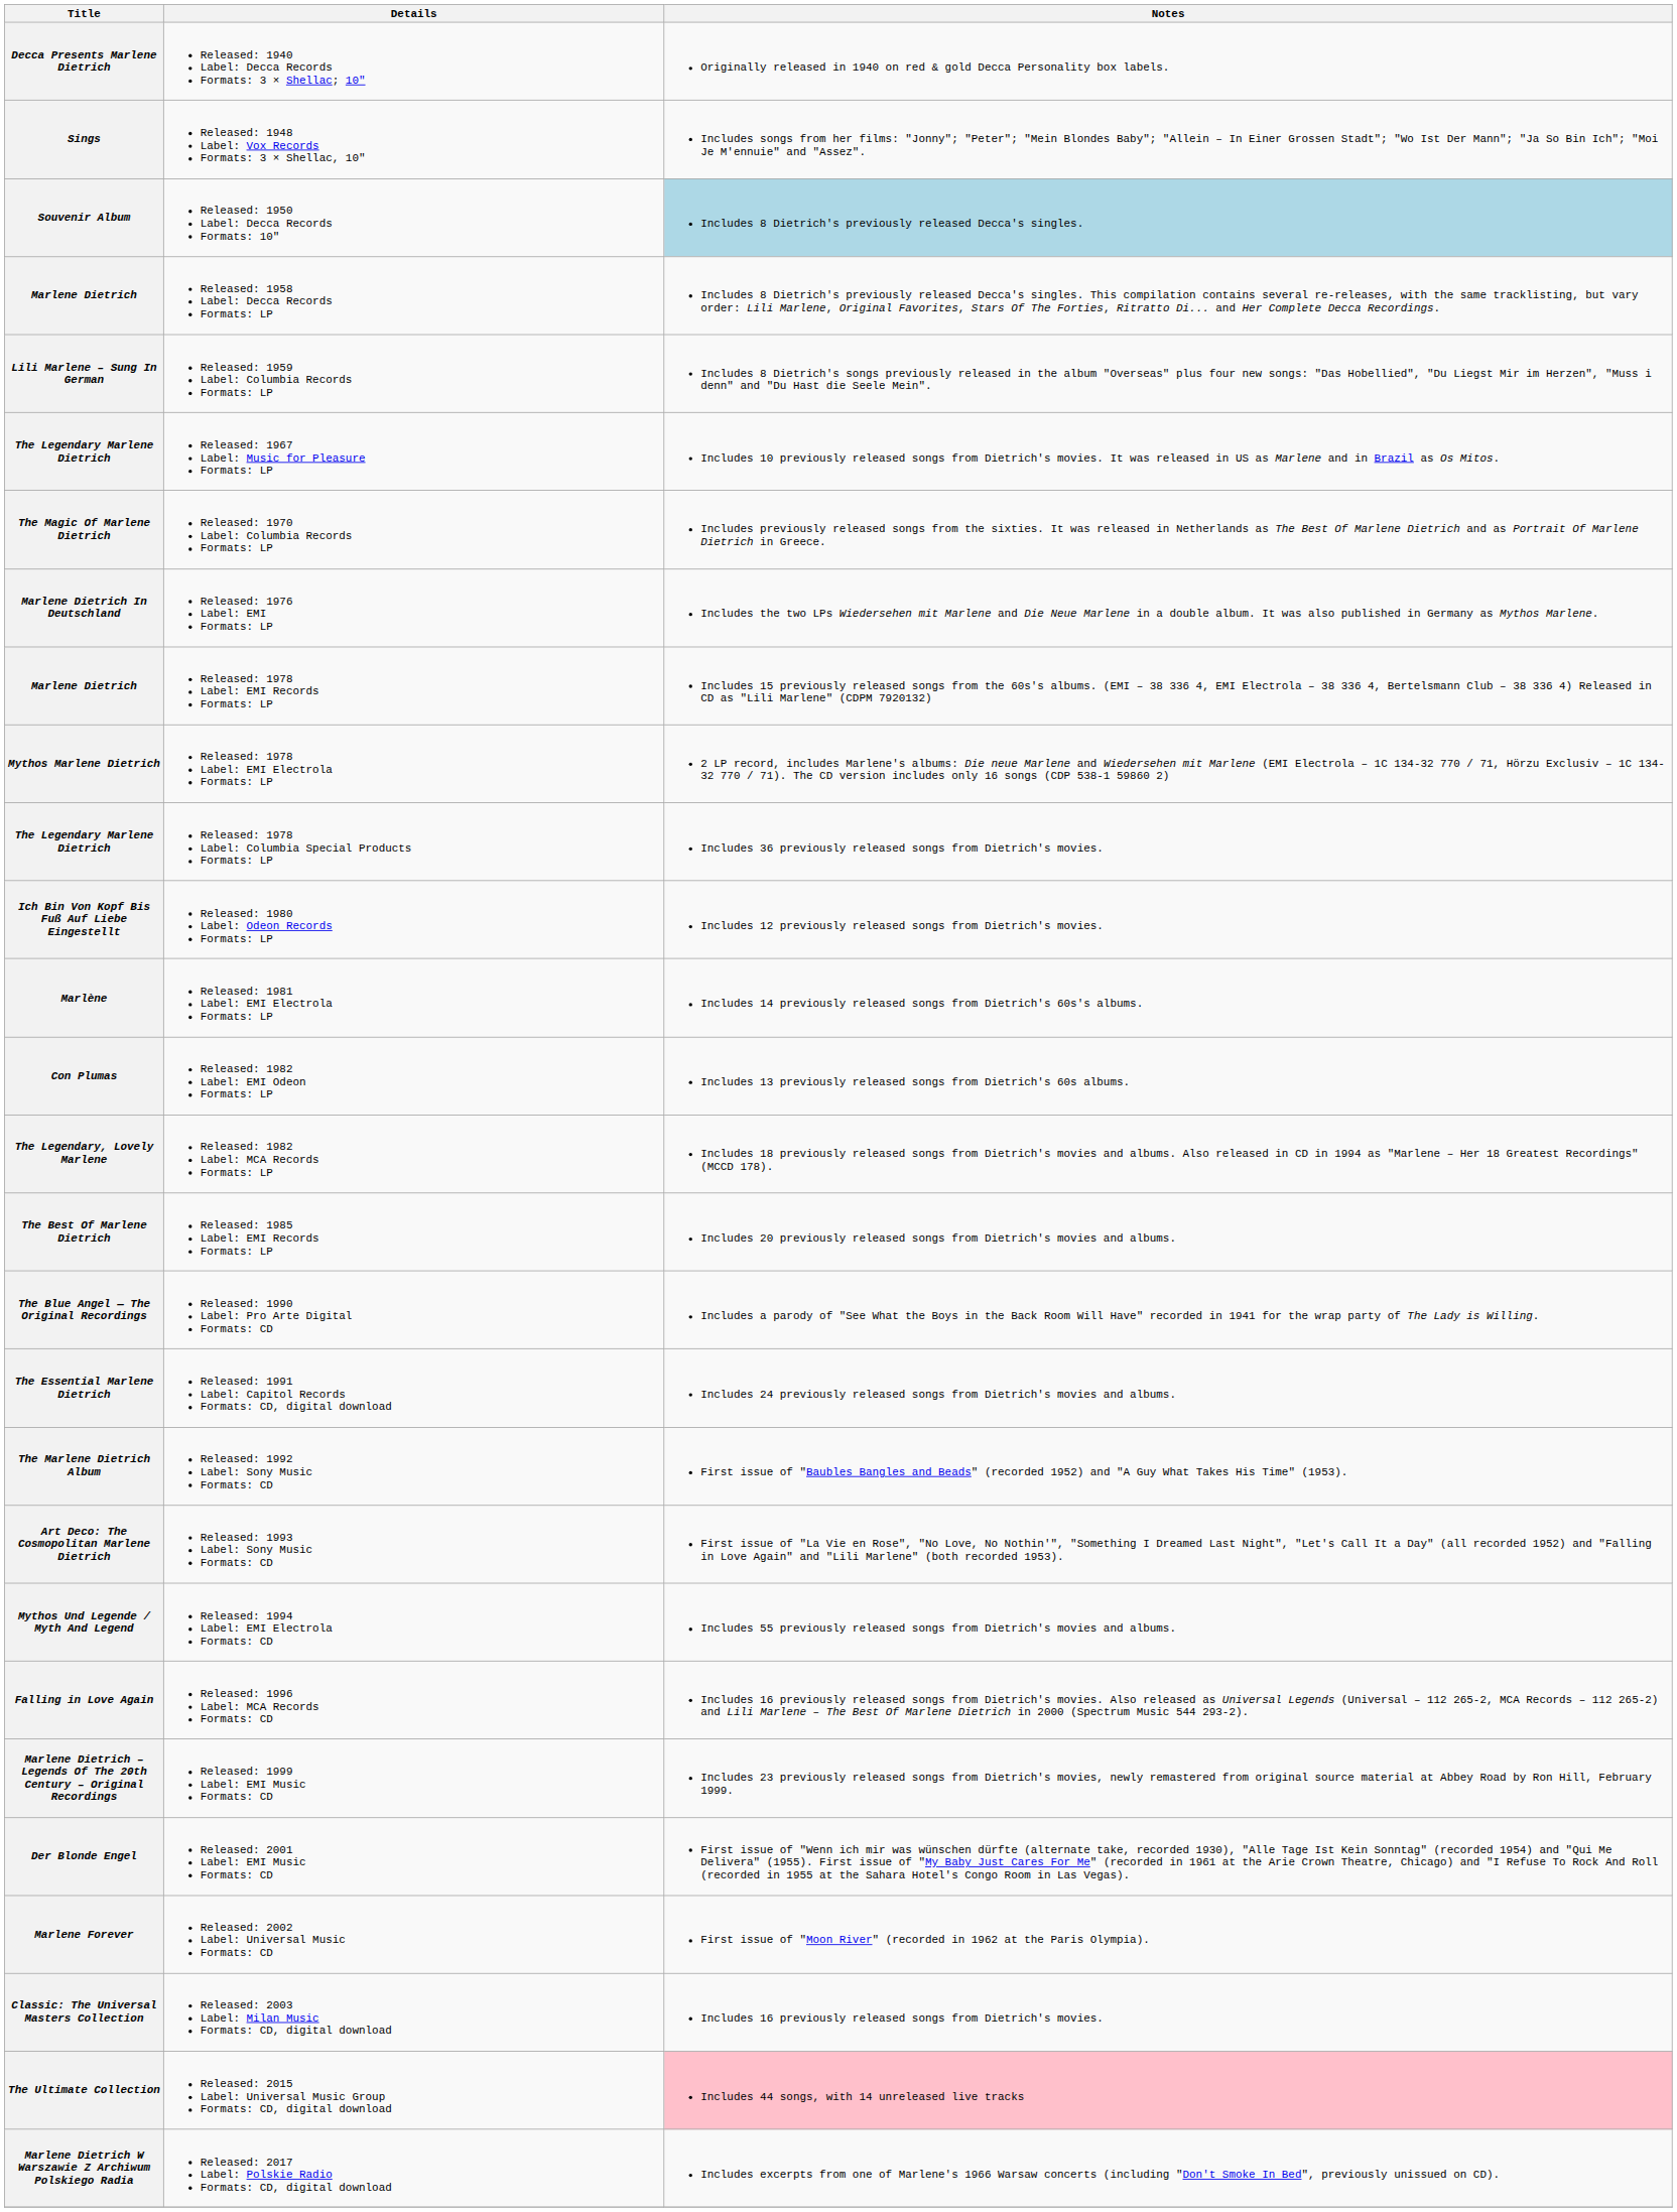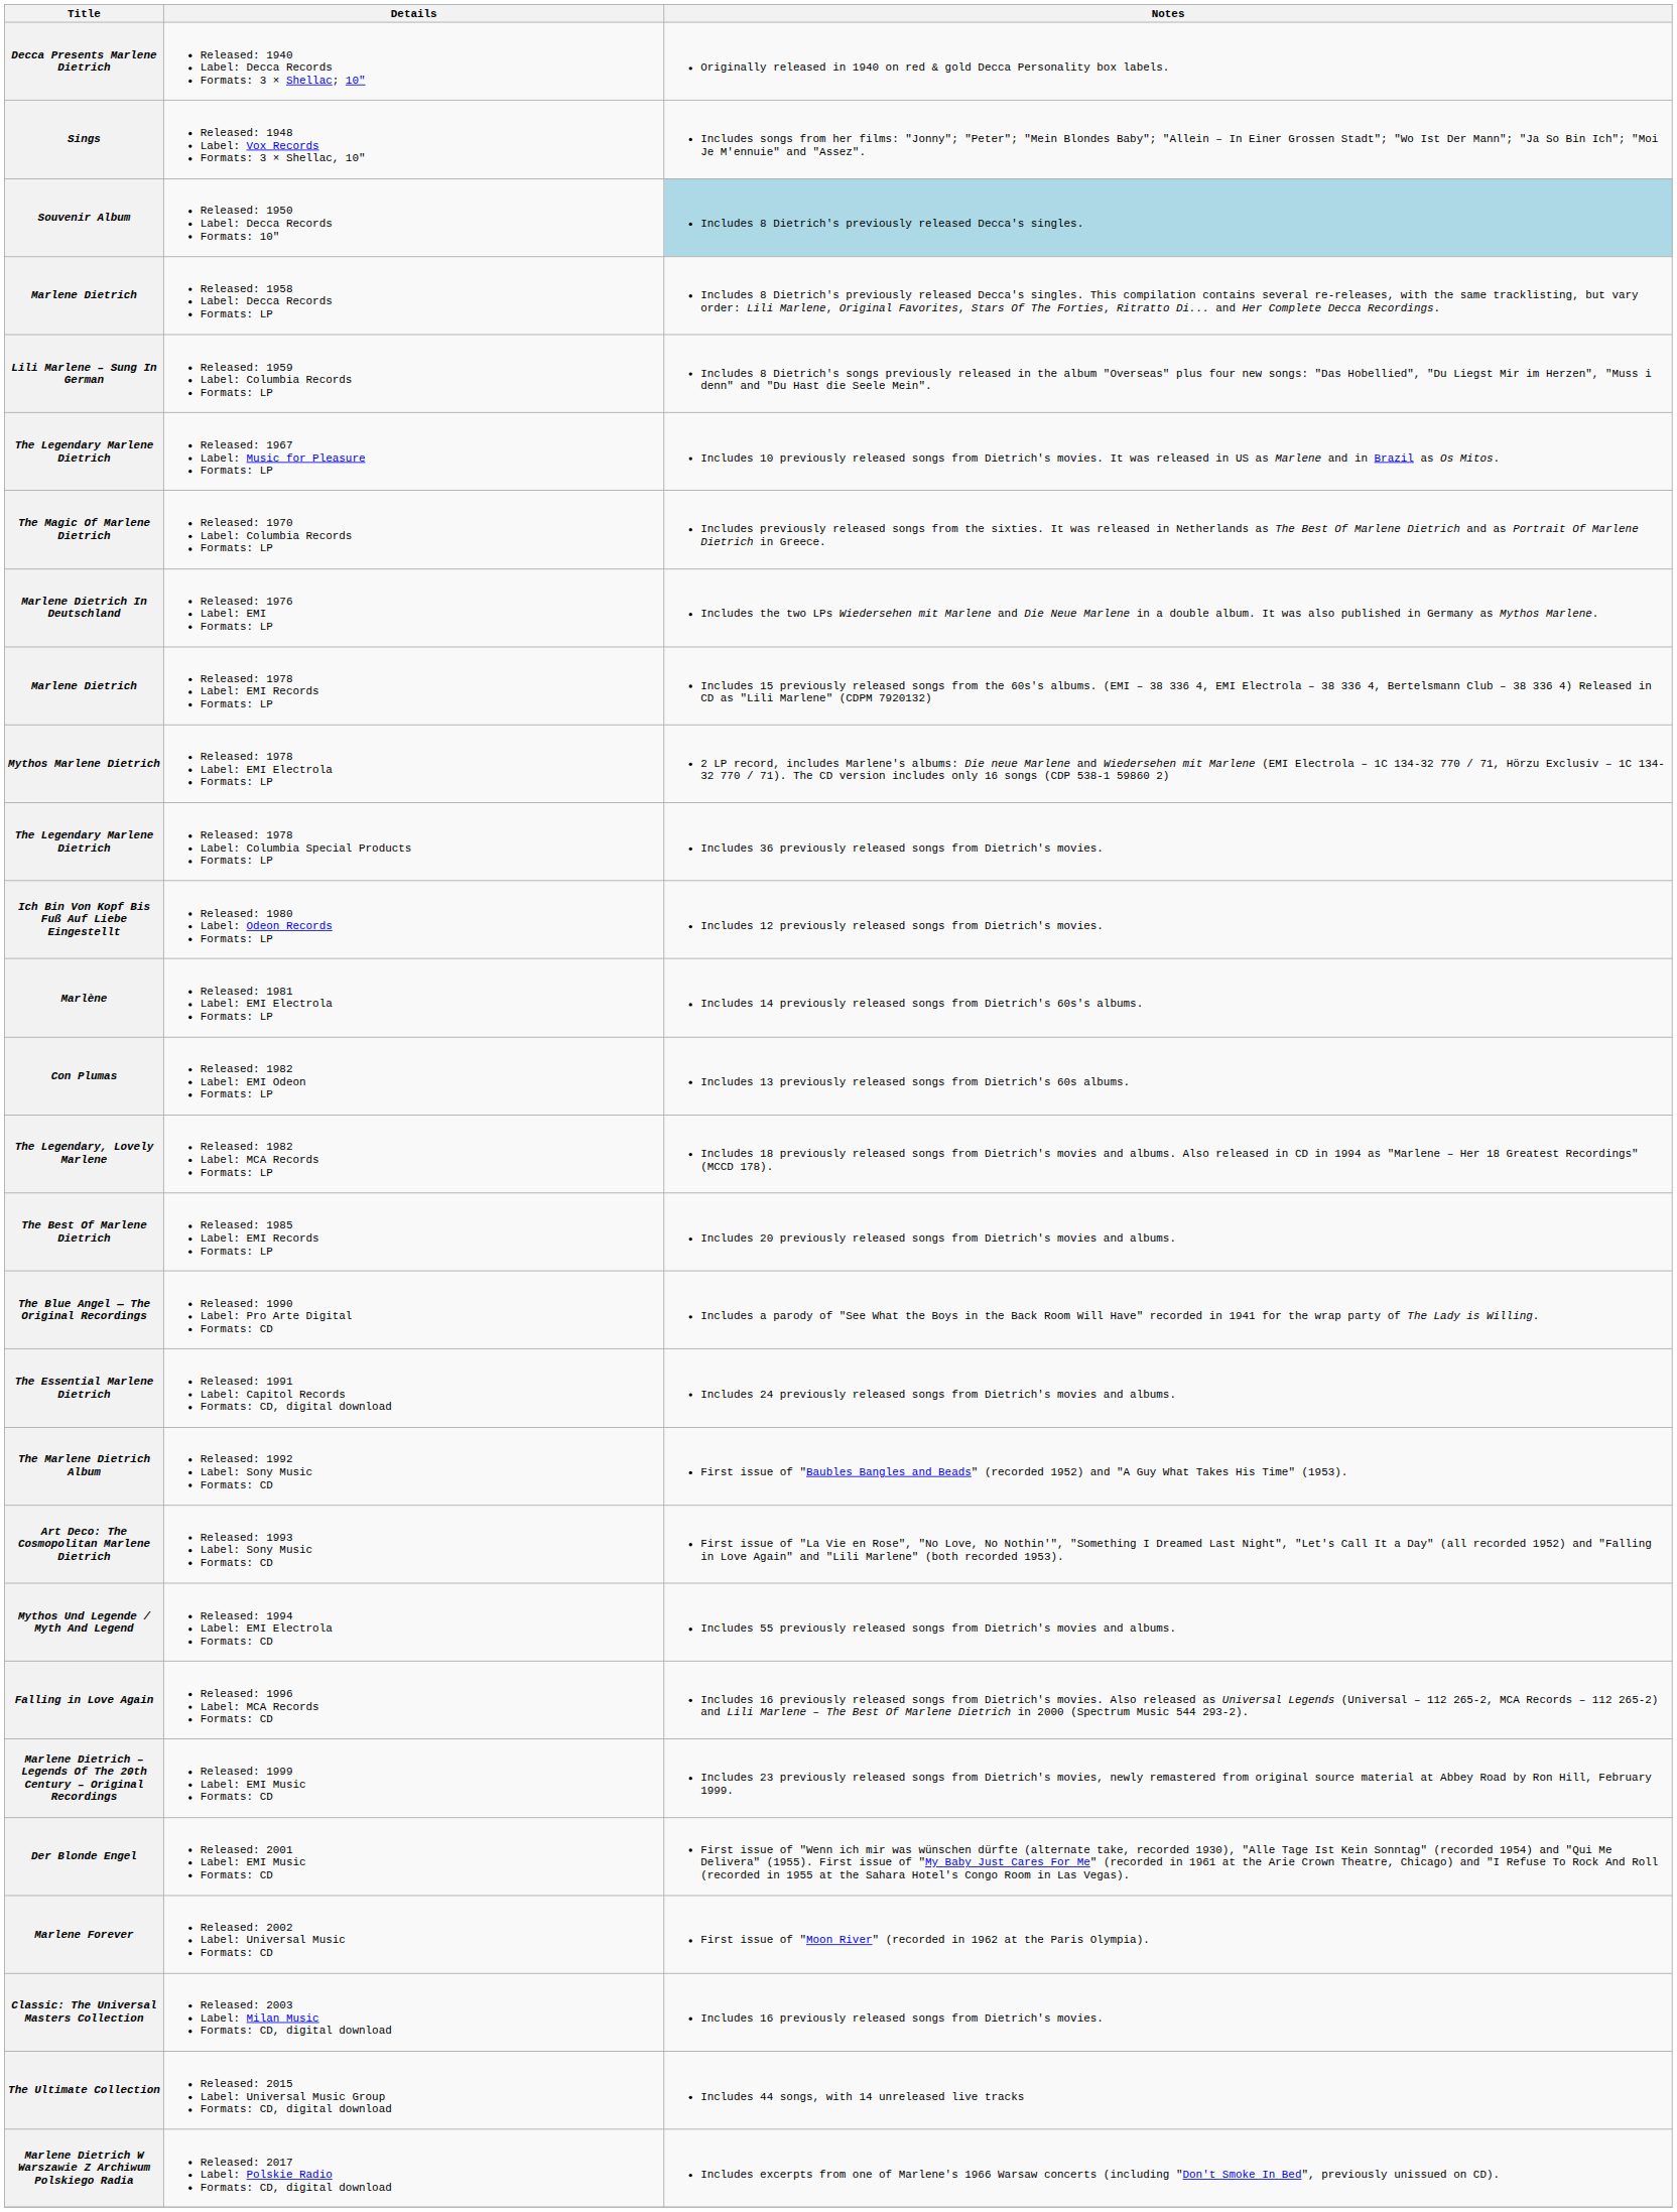 <table class="wikitable plainrowheaders">
 <tr>
 <th scope="col" style="width:14em;">Title</th>
 <th scope="col" width=30%>Details</th>
 <th scope="col">Notes</th>
 </tr>
 <tr>
 <th scope="row"><em>Decca Presents Marlene Dietrich</em></th>
 <td><br><ul><li>Released: 1940</li><li>Label: Decca Records</li><li>Formats: 3 × <a href='#'>Shellac</a>; <a href='#'>10"</a></li></ul></td>
 <td><br><ul><li>Originally released in 1940 on red & gold Decca Personality box labels.</li></ul></td>
 </tr>
 <tr>
 <th scope="row"><em>Sings</em></th>
 <td><br><ul><li>Released: 1948</li><li>Label: <a href='#'>Vox Records</a></li><li>Formats: 3 × Shellac, 10"</li></ul></td>
 <td><br><ul><li>Includes songs from her films: "Jonny"; "Peter"; "Mein Blondes Baby"; "Allein – In Einer Grossen Stadt"; "Wo Ist Der Mann"; "Ja So Bin Ich"; "Moi Je M'ennuie" and "Assez".</li></ul></td>
 </tr>
 <tr>
 <th scope="row"><em>Souvenir Album</em></th>
 <td><br><ul><li>Released: 1950</li><li>Label: Decca Records</li><li>Formats: 10"</li></ul></td>
 <td style="background: lightblue;"><br><ul><li>Includes 8 Dietrich's previously released Decca's singles.</li></ul></td>
 </tr>
 <tr>
 <th scope="row"><em>Marlene Dietrich</em></th>
 <td><br><ul><li>Released: 1958</li><li>Label: Decca Records</li><li>Formats: LP</li></ul></td>
 <td><br><ul><li>Includes 8 Dietrich's previously released Decca's singles. This compilation contains several re-releases, with the same tracklisting, but vary order: <em>Lili Marlene</em>, <em>Original Favorites</em>, <em>Stars Of The Forties</em>, <em>Ritratto Di...</em> and <em>Her Complete Decca Recordings</em>.</li></ul></td>
 </tr>
 <tr>
 <th scope="row"><em>Lili Marlene – Sung In German</em></th>
 <td><br><ul><li>Released: 1959</li><li>Label: Columbia Records</li><li>Formats: LP</li></ul></td>
 <td><br><ul><li>Includes 8 Dietrich's songs previously released in the album "Overseas" plus four new songs: "Das Hobellied", "Du Liegst Mir im Herzen", "Muss i denn" and "Du Hast die Seele Mein".</li></ul></td>
 </tr>
 <tr>
 <th scope="row"><em>The Legendary Marlene Dietrich</em></th>
 <td><br><ul><li>Released: 1967</li><li>Label: <a href='#'>Music for Pleasure</a></li><li>Formats: LP</li></ul></td>
 <td><br><ul><li>Includes 10 previously released songs from Dietrich's movies. It was released in US as <em>Marlene</em> and in <a href='#'>Brazil</a> as <em>Os Mitos</em>.</li></ul></td>
 </tr>
 <tr>
 <th scope="row"><em>The Magic Of Marlene Dietrich</em></th>
 <td><br><ul><li>Released: 1970</li><li>Label: Columbia Records</li><li>Formats: LP</li></ul></td>
 <td><br><ul><li>Includes previously released songs from the sixties. It was released in Netherlands as <em>The Best Of Marlene Dietrich</em> and as <em>Portrait Of Marlene Dietrich</em> in Greece.</li></ul></td>
 </tr>
 <tr>
 <th scope="row"><em>Marlene Dietrich In Deutschland</em></th>
 <td><br><ul><li>Released: 1976</li><li>Label: EMI</li><li>Formats: LP</li></ul></td>
 <td><br><ul><li>Includes the two LPs <em>Wiedersehen mit Marlene</em> and <em>Die Neue Marlene</em> in a double album. It was also published in Germany as <em>Mythos Marlene</em>.</li></ul></td>
 </tr>
 <tr>
 <th scope="row"><em>Marlene Dietrich</em></th>
 <td><br><ul><li>Released: 1978</li><li>Label: EMI Records</li><li>Formats: LP</li></ul></td>
 <td><br><ul><li>Includes 15 previously released songs from the 60s's albums. (EMI – 38 336 4, EMI Electrola – 38 336 4, Bertelsmann Club – 38 336 4) Released in CD as "Lili Marlene" (CDPM 7920132)</li></ul></td>
 </tr>
 <tr>
 <th scope="row"><em>Mythos Marlene Dietrich</em></th>
 <td><br><ul><li>Released: 1978</li><li>Label: EMI Electrola</li><li>Formats: LP</li></ul></td>
 <td><br><ul><li>2 LP record, includes Marlene's albums: <em>Die neue Marlene</em> and <em>Wiedersehen mit Marlene</em> (EMI Electrola – 1C 134-32 770 / 71, Hörzu Exclusiv – 1C 134-32 770 / 71). The CD version includes only 16 songs (CDP 538-1 59860 2)</li></ul></td>
 </tr>
 <tr>
 <th scope="row"><em>The Legendary Marlene Dietrich</em></th>
 <td><br><ul><li>Released: 1978</li><li>Label: Columbia Special Products</li><li>Formats: LP</li></ul></td>
 <td><br><ul><li>Includes 36 previously released songs from Dietrich's movies.</li></ul></td>
 </tr>
 <tr>
 <th scope="row"><em>Ich Bin Von Kopf Bis Fuß Auf Liebe Eingestellt</em></th>
 <td><br><ul><li>Released: 1980</li><li>Label: <a href='#'>Odeon Records</a></li><li>Formats: LP</li></ul></td>
 <td><br><ul><li>Includes 12 previously released songs from Dietrich's movies.</li></ul></td>
 </tr>
 <tr>
 <th scope="row"><em>Marlène</em></th>
 <td><br><ul><li>Released: 1981</li><li>Label: EMI Electrola</li><li>Formats: LP</li></ul></td>
 <td><br><ul><li>Includes 14 previously released songs from Dietrich's 60s's albums.</li></ul></td>
 </tr>
 <tr>
 <th scope="row"><em>Con Plumas</em></th>
 <td><br><ul><li>Released: 1982</li><li>Label: EMI Odeon</li><li>Formats: LP</li></ul></td>
 <td><br><ul><li>Includes 13 previously released songs from Dietrich's 60s albums.</li></ul></td>
 </tr>
 <tr>
 <th scope="row"><em>The Legendary, Lovely Marlene</em></th>
 <td><br><ul><li>Released: 1982</li><li>Label: MCA Records</li><li>Formats: LP</li></ul></td>
 <td><br><ul><li>Includes 18 previously released songs from Dietrich's movies and albums. Also released in CD in 1994 as "Marlene – Her 18 Greatest Recordings" (MCCD 178).</li></ul></td>
 </tr>
 <tr>
 <th scope="row"><em>The Best Of Marlene Dietrich</em></th>
 <td><br><ul><li>Released: 1985</li><li>Label: EMI Records</li><li>Formats: LP</li></ul></td>
 <td><br><ul><li>Includes 20 previously released songs from Dietrich's movies and albums.</li></ul></td>
 </tr>
 <tr>
 <th scope="row"><em>The Blue Angel — The Original Recordings</em></th>
 <td><br><ul><li>Released: 1990</li><li>Label: Pro Arte Digital</li><li>Formats: CD</li></ul></td>
 <td><br><ul><li>Includes a parody of "See What the Boys in the Back Room Will Have" recorded in 1941 for the wrap party of <em>The Lady is Willing</em>.</li></ul></td>
 </tr>
 <tr>
 <th scope="row"><em>The Essential Marlene Dietrich</em></th>
 <td><br><ul><li>Released: 1991</li><li>Label: Capitol Records</li><li>Formats: CD, digital download</li></ul></td>
 <td><br><ul><li>Includes 24 previously released songs from Dietrich's movies and albums.</li></ul></td>
 </tr>
 <tr>
 <th scope="row"><em>The Marlene Dietrich Album</em></th>
 <td><br><ul><li>Released: 1992</li><li>Label: Sony Music</li><li>Formats: CD</li></ul></td>
 <td><br><ul><li>First issue of "<a href='#'>Baubles Bangles and Beads</a>" (recorded 1952) and "A Guy What Takes His Time" (1953).</li></ul></td>
 </tr>
 <tr>
 <th scope="row"><em>Art Deco: The Cosmopolitan Marlene Dietrich</em></th>
 <td><br><ul><li>Released: 1993</li><li>Label: Sony Music</li><li>Formats: CD</li></ul></td>
 <td><br><ul><li>First issue of  "La Vie en Rose", "No Love, No Nothin'", "Something I Dreamed Last Night", "Let's Call It a Day" (all recorded 1952) and "Falling in Love Again" and "Lili Marlene" (both recorded 1953).</li></ul></td>
 </tr>
 <tr>
 <th scope="row"><em>Mythos Und Legende / Myth And Legend</em></th>
 <td><br><ul><li>Released: 1994</li><li>Label: EMI Electrola</li><li>Formats: CD</li></ul></td>
 <td><br><ul><li>Includes 55 previously released songs from Dietrich's movies and albums.</li></ul></td>
 </tr>
 <tr>
 <th scope="row"><em>Falling in Love Again</em></th>
 <td><br><ul><li>Released: 1996</li><li>Label: MCA Records</li><li>Formats: CD</li></ul></td>
 <td><br><ul><li>Includes 16 previously released songs from Dietrich's movies. Also released as <em>Universal Legends</em> (Universal – 112 265-2, MCA Records – 112 265-2) and <em>Lili Marlene – The Best Of Marlene Dietrich</em> in 2000 (Spectrum Music 544 293-2).</li></ul></td>
 </tr>
 <tr>
 <th scope="row"><em>Marlene Dietrich – Legends Of The 20th Century – Original Recordings</em></th>
 <td><br><ul><li>Released: 1999</li><li>Label: EMI Music</li><li>Formats: CD</li></ul></td>
 <td><br><ul><li>Includes 23 previously released songs from Dietrich's movies, newly remastered from original source material at Abbey Road by Ron Hill, February 1999.</li></ul></td>
 </tr>
 <tr>
 <th scope="row"><em>Der Blonde Engel</em></th>
 <td><br><ul><li>Released: 2001</li><li>Label: EMI Music</li><li>Formats: CD</li></ul></td>
 <td><br><ul><li>First issue of "Wenn ich mir was wünschen dürfte (alternate take, recorded 1930), "Alle Tage Ist Kein Sonntag" (recorded 1954) and "Qui Me Delivera" (1955). First issue of "<a href='#'>My Baby Just Cares For Me</a>" (recorded in 1961 at the Arie Crown Theatre, Chicago) and  "I Refuse To Rock And Roll (recorded in 1955 at the Sahara Hotel's Congo Room in Las Vegas).</li></ul></td>
 </tr>
 <tr>
 <th scope="row"><em>Marlene Forever</em></th>
 <td><br><ul><li>Released: 2002</li><li>Label: Universal Music</li><li>Formats: CD</li></ul></td>
 <td><br><ul><li>First issue of "<a href='#'>Moon River</a>" (recorded in 1962 at the Paris Olympia).</li></ul></td>
 </tr>
 <tr>
 <th scope="row"><em>Classic: The Universal Masters Collection</em></th>
 <td><br><ul><li>Released: 2003</li><li>Label: <a href='#'>Milan Music</a></li><li>Formats: CD, digital download</li></ul></td>
 <td><br><ul><li>Includes 16 previously released songs from Dietrich's movies.</li></ul></td>
 </tr>
 <tr>
 <th scope="row"><em>The Ultimate Collection</em></th>
 <td><br><ul><li>Released: 2015</li><li>Label: Universal Music Group</li><li>Formats: CD, digital download</li></ul></td>
-<td style="background: pink;"><br><ul><li>Includes 44 songs, with 14 unreleased live tracks</li></ul></td>
+<td><br><ul><li>Includes 44 songs, with 14 unreleased live tracks</li></ul></td>
 </tr>
 <tr>
 <th scope="row"><em>Marlene Dietrich W Warszawie Z Archiwum Polskiego Radia</em></th>
 <td><br><ul><li>Released: 2017</li><li>Label: <a href='#'>Polskie Radio</a></li><li>Formats: CD, digital download</li></ul></td>
 <td><br><ul><li>Includes excerpts from one of Marlene's 1966 Warsaw concerts (including "<a href='#'>Don't Smoke In Bed</a>", previously unissued on CD).</li></ul></td>
 </tr>
 <tr>
 </tr>
 </table>
